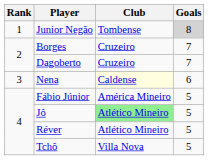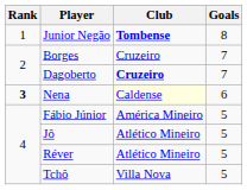 <table class="wikitable" style="text-align:center">
 <tr>
 <th>Rank</th>
 <th>Player</th>
 <th>Club</th>
 <th>Goals</th>
 </tr>
 <tr>
 <td rowspan="1">1</td>
 <td align="left"> <a href='#'>Junior Negão</a></td>
-<td align="left"><a href='#'>Tombense</a></td>
-<td style="background: lightgrey;">8</td>
+<td align="left"><strong><a href='#'>Tombense</a></strong></td>
+<td>8</td>
 </tr>
 <tr>
 <td rowspan="2">2</td>
 <td align="left"> <a href='#'>Borges</a></td>
 <td align="left"><a href='#'>Cruzeiro</a></td>
 <td>7</td>
 </tr>
 <tr>
 <td align="left"> <a href='#'>Dagoberto</a></td>
-<td align="left"><a href='#'>Cruzeiro</a></td>
+<td align="left"><strong><a href='#'>Cruzeiro</a></strong></td>
 <td>7</td>
 </tr>
 <tr>
-<td rowspan="1">3</td>
+<td rowspan="1"><strong>3</strong></td>
 <td align="left"> <a href='#'>Nena</a></td>
 <td align="left" style="background: lightyellow;"><a href='#'>Caldense</a></td>
 <td>6</td>
 </tr>
 <tr>
 <td rowspan="4">4</td>
 <td align="left"> <a href='#'>Fábio Júnior</a></td>
 <td align="left"><a href='#'>América Mineiro</a></td>
 <td>5</td>
 </tr>
 <tr>
 <td align="left"> <a href='#'>Jô</a></td>
-<td align="left" style="background: lightgreen;"><a href='#'>Atlético Mineiro</a></td>
+<td align="left"><a href='#'>Atlético Mineiro</a></td>
 <td>5</td>
 </tr>
 <tr>
 <td align="left"> <a href='#'>Réver</a></td>
 <td align="left"><a href='#'>Atlético Mineiro</a></td>
 <td>5</td>
 </tr>
 <tr>
 <td align="left"> <a href='#'>Tchô</a></td>
 <td align="left"><a href='#'>Villa Nova</a></td>
 <td>5</td>
 </tr>
 </table>
